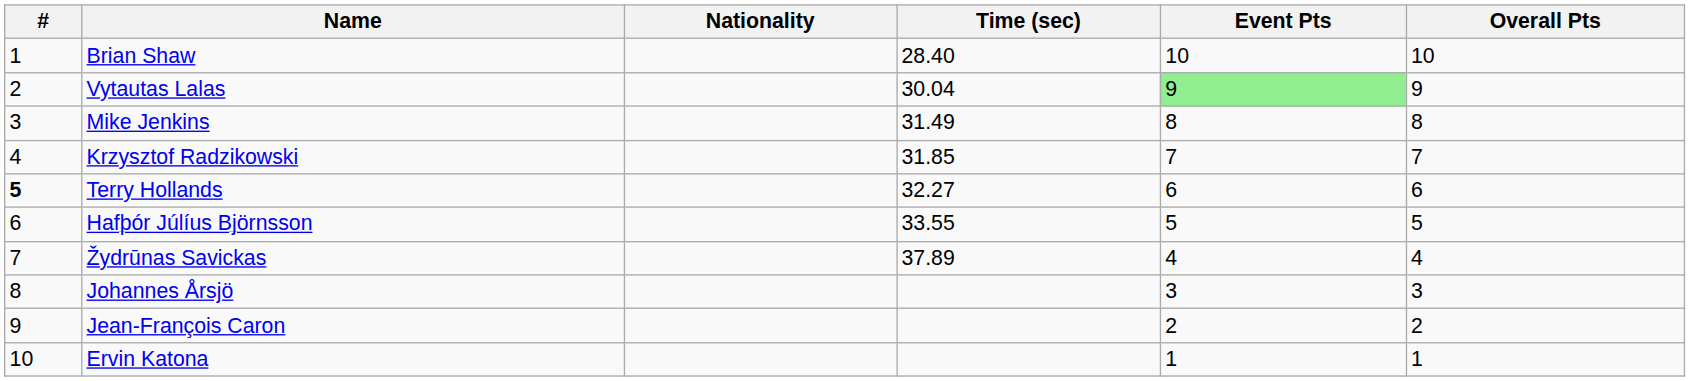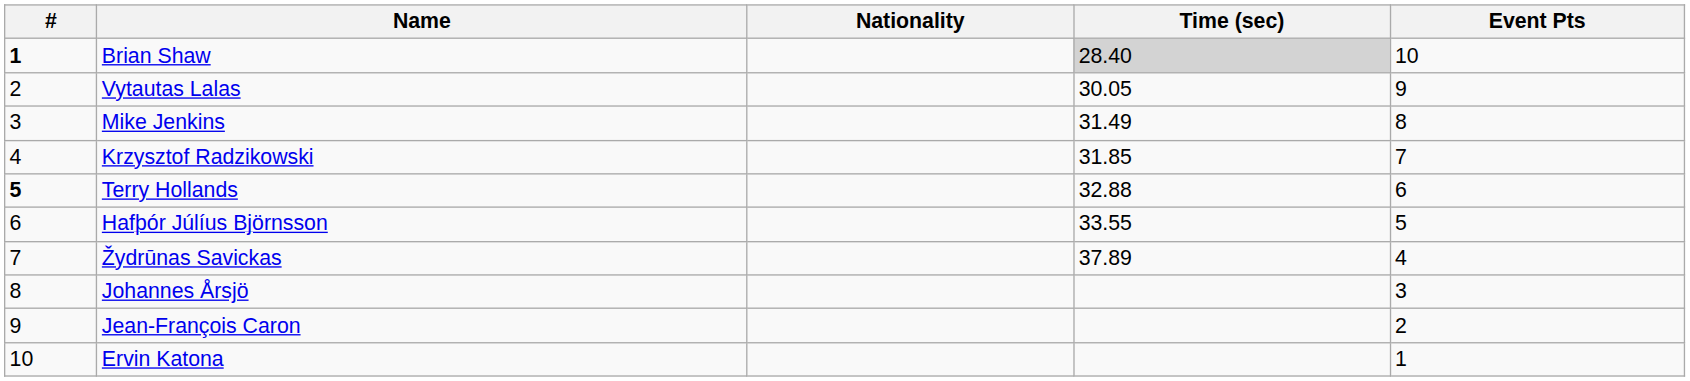 <table class="wikitable sortable" style="display: inline-table; width: 100%;">
 <tr>
 <th>#</th>
 <th>Name</th>
 <th>Nationality</th>
 <th>Time (sec)</th>
 <th>Event Pts</th>
-<th>Overall Pts</th>
 </tr>
 <tr>
-<td>1</td>
+<td><strong>1</strong></td>
 <td><a href='#'>Brian Shaw</a></td>
 <td></td>
-<td>28.40</td>
-<td>10</td>
+<td style="background: lightgrey;">28.40</td>
 <td>10</td>
 </tr>
 <tr>
 <td>2</td>
 <td><a href='#'>Vytautas Lalas</a></td>
 <td></td>
-<td>30.04</td>
-<td style="background: lightgreen;">9</td>
+<td>30.05</td>
 <td>9</td>
 </tr>
 <tr>
 <td>3</td>
 <td><a href='#'>Mike Jenkins</a></td>
 <td></td>
 <td>31.49</td>
 <td>8</td>
-<td>8</td>
 </tr>
 <tr>
 <td>4</td>
 <td><a href='#'>Krzysztof Radzikowski</a></td>
 <td></td>
 <td>31.85</td>
 <td>7</td>
-<td>7</td>
 </tr>
 <tr>
 <td><strong>5</strong></td>
 <td><a href='#'>Terry Hollands</a></td>
 <td></td>
-<td>32.27</td>
-<td>6</td>
+<td>32.88</td>
 <td>6</td>
 </tr>
 <tr>
 <td>6</td>
 <td><a href='#'>Hafþór Júlíus Björnsson</a></td>
 <td></td>
 <td>33.55</td>
 <td>5</td>
-<td>5</td>
 </tr>
 <tr>
 <td>7</td>
 <td><a href='#'>Žydrūnas Savickas</a></td>
 <td></td>
 <td>37.89</td>
-<td>4</td>
 <td>4</td>
 </tr>
 <tr>
 <td>8</td>
 <td><a href='#'>Johannes Årsjö</a></td>
 <td></td>
 <td></td>
 <td>3</td>
-<td>3</td>
 </tr>
 <tr>
 <td>9</td>
 <td><a href='#'>Jean-François Caron</a></td>
 <td></td>
 <td></td>
-<td>2</td>
 <td>2</td>
 </tr>
 <tr>
 <td>10</td>
 <td><a href='#'>Ervin Katona</a></td>
 <td></td>
 <td></td>
 <td>1</td>
-<td>1</td>
 </tr>
 </table>
